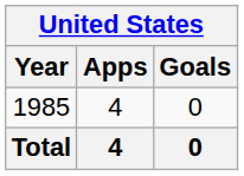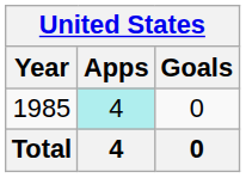 <table class="wikitable" style="text-align:center">
 <tr>
 <th colspan=3><a href='#'>United States</a></th>
 </tr>
 <tr>
 <th>Year</th>
 <th>Apps</th>
 <th>Goals</th>
 </tr>
 <tr>
 <td>1985</td>
-<td>4</td>
+<td style="background: paleturquoise;">4</td>
 <td>0</td>
 </tr>
 <tr>
 <th>Total</th>
 <th>4</th>
 <th>0</th>
 </tr>
 </table>
